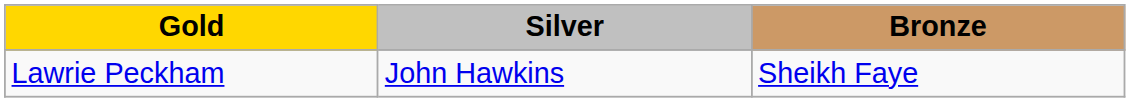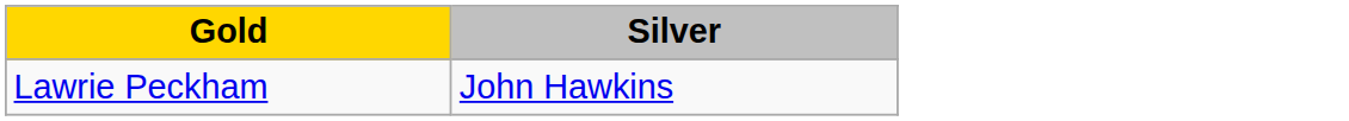 <table class="wikitable">
 <tr>
 <th scope=col style="background-color:gold; width:200px;">Gold</th>
 <th scope=col style="background-color:silver; width:200px;">Silver</th>
-<th scope=col style="background-color:#cc9966; width:200px;">Bronze</th>
 </tr>
 <tr>
 <td><a href='#'>Lawrie Peckham</a><br><em></em></td>
 <td><a href='#'>John Hawkins</a><br><em></em></td>
-<td><a href='#'>Sheikh Faye</a><br><em></em></td>
 </tr>
 </table>
